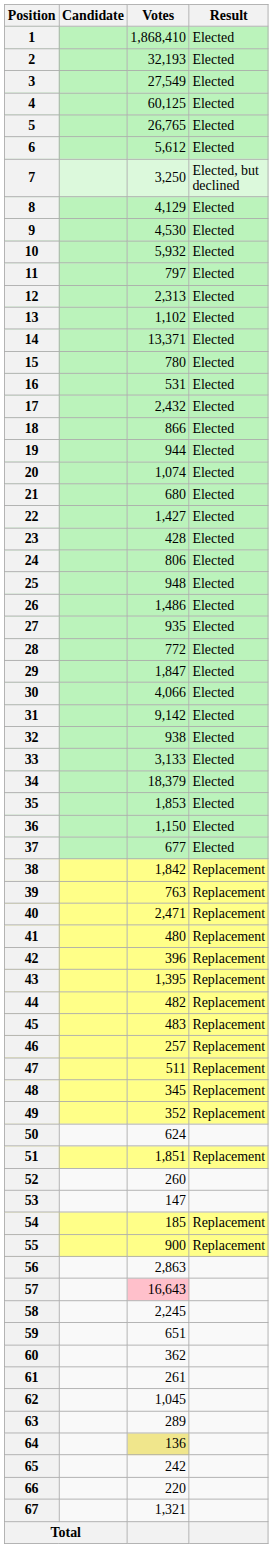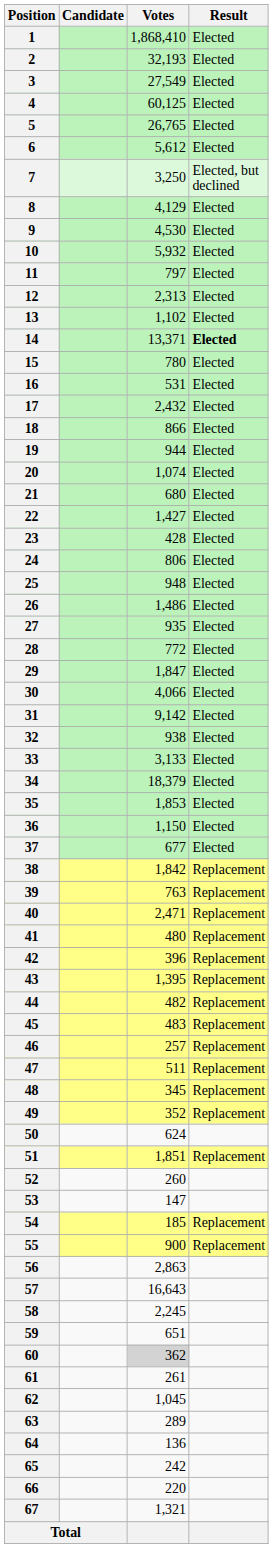 <table class="wikitable sortable">
 <tr>
 <th scope="col">Position</th>
 <th scope="col">Candidate</th>
 <th scope="col">Votes</th>
 <th scope="col">Result</th>
 </tr>
 <tr bgcolor=bbf3bb>
 <th scope="row">1</th>
 <td></td>
 <td style="text-align:right">1,868,410</td>
 <td>Elected</td>
 </tr>
 <tr bgcolor=bbf3bb>
 <th scope="row">2</th>
 <td></td>
 <td style="text-align:right">32,193</td>
 <td>Elected</td>
 </tr>
 <tr bgcolor=bbf3bb>
 <th scope="row">3</th>
 <td></td>
 <td style="text-align:right">27,549</td>
 <td>Elected</td>
 </tr>
 <tr bgcolor=bbf3bb>
 <th scope="row">4</th>
 <td></td>
 <td style="text-align:right">60,125</td>
 <td>Elected</td>
 </tr>
 <tr bgcolor=bbf3bb>
 <th scope="row">5</th>
 <td></td>
 <td style="text-align:right">26,765</td>
 <td>Elected</td>
 </tr>
 <tr bgcolor=bbf3bb>
 <th scope="row">6</th>
 <td></td>
 <td style="text-align:right">5,612</td>
 <td>Elected</td>
 </tr>
 <tr bgcolor=dcf9dc>
 <th scope="row">7</th>
 <td></td>
 <td style="text-align:right">3,250</td>
 <td>Elected, but<br>declined</td>
 </tr>
 <tr bgcolor=bbf3bb>
 <th scope="row">8</th>
 <td></td>
 <td style="text-align:right">4,129</td>
 <td>Elected</td>
 </tr>
 <tr bgcolor=bbf3bb>
 <th scope="row">9</th>
 <td></td>
 <td style="text-align:right">4,530</td>
 <td>Elected</td>
 </tr>
 <tr bgcolor=bbf3bb>
 <th scope="row">10</th>
 <td></td>
 <td style="text-align:right">5,932</td>
 <td>Elected</td>
 </tr>
 <tr bgcolor=bbf3bb>
 <th scope="row">11</th>
 <td></td>
 <td style="text-align:right">797</td>
 <td>Elected</td>
 </tr>
 <tr bgcolor=bbf3bb>
 <th scope="row">12</th>
 <td></td>
 <td style="text-align:right">2,313</td>
 <td>Elected</td>
 </tr>
 <tr bgcolor=bbf3bb>
 <th scope="row">13</th>
 <td></td>
 <td style="text-align:right">1,102</td>
 <td>Elected</td>
 </tr>
 <tr bgcolor=bbf3bb>
 <th scope="row">14</th>
 <td></td>
 <td style="text-align:right">13,371</td>
-<td>Elected</td>
+<td><strong>Elected</strong></td>
 </tr>
 <tr bgcolor=bbf3bb>
 <th scope="row">15</th>
 <td></td>
 <td style="text-align:right">780</td>
 <td>Elected</td>
 </tr>
 <tr bgcolor=bbf3bb>
 <th scope="row">16</th>
 <td></td>
 <td style="text-align:right">531</td>
 <td>Elected</td>
 </tr>
 <tr bgcolor=bbf3bb>
 <th scope="row">17</th>
 <td></td>
 <td style="text-align:right">2,432</td>
 <td>Elected</td>
 </tr>
 <tr bgcolor=bbf3bb>
 <th scope="row">18</th>
 <td></td>
 <td style="text-align:right">866</td>
 <td>Elected</td>
 </tr>
 <tr bgcolor=bbf3bb>
 <th scope="row">19</th>
 <td></td>
 <td style="text-align:right">944</td>
 <td>Elected</td>
 </tr>
 <tr bgcolor=bbf3bb>
 <th scope="row">20</th>
 <td></td>
 <td style="text-align:right">1,074</td>
 <td>Elected</td>
 </tr>
 <tr bgcolor=bbf3bb>
 <th scope="row">21</th>
 <td></td>
 <td style="text-align:right">680</td>
 <td>Elected</td>
 </tr>
 <tr bgcolor=bbf3bb>
 <th scope="row">22</th>
 <td></td>
 <td style="text-align:right">1,427</td>
 <td>Elected</td>
 </tr>
 <tr bgcolor=bbf3bb>
 <th scope="row">23</th>
 <td></td>
 <td style="text-align:right">428</td>
 <td>Elected</td>
 </tr>
 <tr bgcolor=bbf3bb>
 <th scope="row">24</th>
 <td></td>
 <td style="text-align:right">806</td>
 <td>Elected</td>
 </tr>
 <tr bgcolor=bbf3bb>
 <th scope="row">25</th>
 <td></td>
 <td style="text-align:right">948</td>
 <td>Elected</td>
 </tr>
 <tr bgcolor=bbf3bb>
 <th scope="row">26</th>
 <td></td>
 <td style="text-align:right">1,486</td>
 <td>Elected</td>
 </tr>
 <tr bgcolor=bbf3bb>
 <th scope="row">27</th>
 <td></td>
 <td style="text-align:right">935</td>
 <td>Elected</td>
 </tr>
 <tr bgcolor=bbf3bb>
 <th scope="row">28</th>
 <td></td>
 <td style="text-align:right">772</td>
 <td>Elected</td>
 </tr>
 <tr bgcolor=bbf3bb>
 <th scope="row">29</th>
 <td></td>
 <td style="text-align:right">1,847</td>
 <td>Elected</td>
 </tr>
 <tr bgcolor=bbf3bb>
 <th scope="row">30</th>
 <td></td>
 <td style="text-align:right">4,066</td>
 <td>Elected</td>
 </tr>
 <tr bgcolor=bbf3bb>
 <th scope="row">31</th>
 <td></td>
 <td style="text-align:right">9,142</td>
 <td>Elected</td>
 </tr>
 <tr bgcolor=bbf3bb>
 <th scope="row">32</th>
 <td></td>
 <td style="text-align:right">938</td>
 <td>Elected</td>
 </tr>
 <tr bgcolor=bbf3bb>
 <th scope="row">33</th>
 <td></td>
 <td style="text-align:right">3,133</td>
 <td>Elected</td>
 </tr>
 <tr bgcolor=bbf3bb>
 <th scope="row">34</th>
 <td></td>
 <td style="text-align:right">18,379</td>
 <td>Elected</td>
 </tr>
 <tr bgcolor=bbf3bb>
 <th scope="row">35</th>
 <td></td>
 <td style="text-align:right">1,853</td>
 <td>Elected</td>
 </tr>
 <tr bgcolor=bbf3bb>
 <th scope="row">36</th>
 <td></td>
 <td style="text-align:right">1,150</td>
 <td>Elected</td>
 </tr>
 <tr bgcolor=bbf3bb>
 <th scope="row">37</th>
 <td></td>
 <td style="text-align:right">677</td>
 <td>Elected</td>
 </tr>
 <tr bgcolor=#FF8>
 <th scope="row">38</th>
 <td></td>
 <td style="text-align:right">1,842</td>
 <td>Replacement</td>
 </tr>
 <tr bgcolor=#FF8>
 <th scope="row">39</th>
 <td></td>
 <td style="text-align:right">763</td>
 <td>Replacement</td>
 </tr>
 <tr bgcolor=#FF8>
 <th scope="row">40</th>
 <td></td>
 <td style="text-align:right">2,471</td>
 <td>Replacement</td>
 </tr>
 <tr bgcolor=#FF8>
 <th scope="row">41</th>
 <td></td>
 <td style="text-align:right">480</td>
 <td>Replacement</td>
 </tr>
 <tr bgcolor=#FF8>
 <th scope="row">42</th>
 <td></td>
 <td style="text-align:right">396</td>
 <td>Replacement</td>
 </tr>
 <tr bgcolor=#FF8>
 <th scope="row">43</th>
 <td></td>
 <td style="text-align:right">1,395</td>
 <td>Replacement</td>
 </tr>
 <tr bgcolor=#FF8>
 <th scope="row">44</th>
 <td></td>
 <td style="text-align:right">482</td>
 <td>Replacement</td>
 </tr>
 <tr bgcolor=#FF8>
 <th scope="row">45</th>
 <td></td>
 <td style="text-align:right">483</td>
 <td>Replacement</td>
 </tr>
 <tr bgcolor=#FF8>
 <th scope="row">46</th>
 <td></td>
 <td style="text-align:right">257</td>
 <td>Replacement</td>
 </tr>
 <tr bgcolor=#FF8>
 <th scope="row">47</th>
 <td></td>
 <td style="text-align:right">511</td>
 <td>Replacement</td>
 </tr>
 <tr bgcolor=#FF8>
 <th scope="row">48</th>
 <td></td>
 <td style="text-align:right">345</td>
 <td>Replacement</td>
 </tr>
 <tr bgcolor=#FF8>
 <th scope="row">49</th>
 <td></td>
 <td style="text-align:right">352</td>
 <td>Replacement</td>
 </tr>
 <tr>
 <th scope="row">50</th>
 <td></td>
 <td style="text-align:right">624</td>
 <td></td>
 </tr>
 <tr bgcolor=#FF8>
 <th scope="row">51</th>
 <td></td>
 <td style="text-align:right">1,851</td>
 <td>Replacement</td>
 </tr>
 <tr>
 <th scope="row">52</th>
 <td></td>
 <td style="text-align:right">260</td>
 <td></td>
 </tr>
 <tr>
 <th scope="row">53</th>
 <td></td>
 <td style="text-align:right">147</td>
 <td></td>
 </tr>
 <tr bgcolor=#FF8>
 <th scope="row">54</th>
 <td></td>
 <td style="text-align:right">185</td>
 <td>Replacement</td>
 </tr>
 <tr bgcolor=#FF8>
 <th scope="row">55</th>
 <td></td>
 <td style="text-align:right">900</td>
 <td>Replacement</td>
 </tr>
 <tr>
 <th scope="row">56</th>
 <td></td>
 <td style="text-align:right">2,863</td>
 <td></td>
 </tr>
 <tr>
 <th scope="row">57</th>
 <td></td>
-<td style="background: pink; text-align:right">16,643</td>
+<td style="text-align:right">16,643</td>
 <td></td>
 </tr>
 <tr>
 <th scope="row">58</th>
 <td></td>
 <td style="text-align:right">2,245</td>
 <td></td>
 </tr>
 <tr>
 <th scope="row">59</th>
 <td></td>
 <td style="text-align:right">651</td>
 <td></td>
 </tr>
 <tr>
 <th scope="row">60</th>
 <td></td>
-<td style="text-align:right">362</td>
+<td style="background: lightgrey; text-align:right">362</td>
 <td></td>
 </tr>
 <tr>
 <th scope="row">61</th>
 <td></td>
 <td style="text-align:right">261</td>
 <td></td>
 </tr>
 <tr>
 <th scope="row">62</th>
 <td></td>
 <td style="text-align:right">1,045</td>
 <td></td>
 </tr>
 <tr>
 <th scope="row">63</th>
 <td></td>
 <td style="text-align:right">289</td>
 <td></td>
 </tr>
 <tr>
 <th scope="row">64</th>
 <td></td>
-<td style="background: khaki; text-align:right">136</td>
+<td style="text-align:right">136</td>
 <td></td>
 </tr>
 <tr>
 <th scope="row">65</th>
 <td></td>
 <td style="text-align:right">242</td>
 <td></td>
 </tr>
 <tr>
 <th scope="row">66</th>
 <td></td>
 <td style="text-align:right">220</td>
 <td></td>
 </tr>
 <tr>
 <th scope="row">67</th>
 <td></td>
 <td style="text-align:right">1,321</td>
 <td></td>
 </tr>
 <tr class="sortbottom">
 <th scope="row" colspan="2">Total</th>
 <th style="text-align:right"></th>
 <th></th>
 </tr>
 </table>
